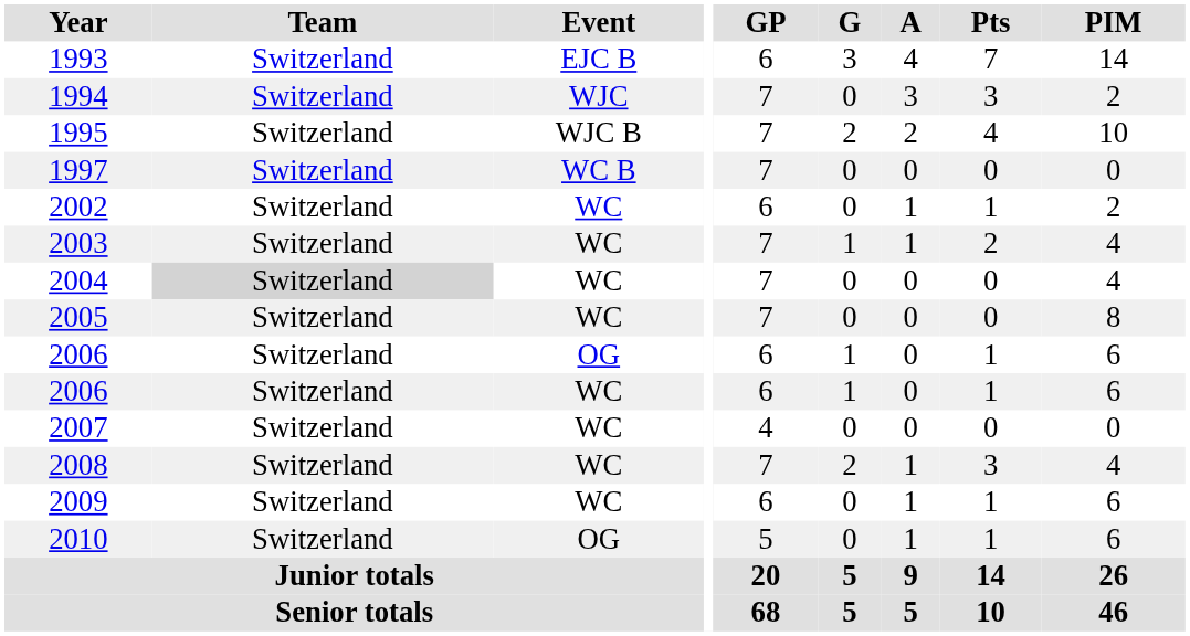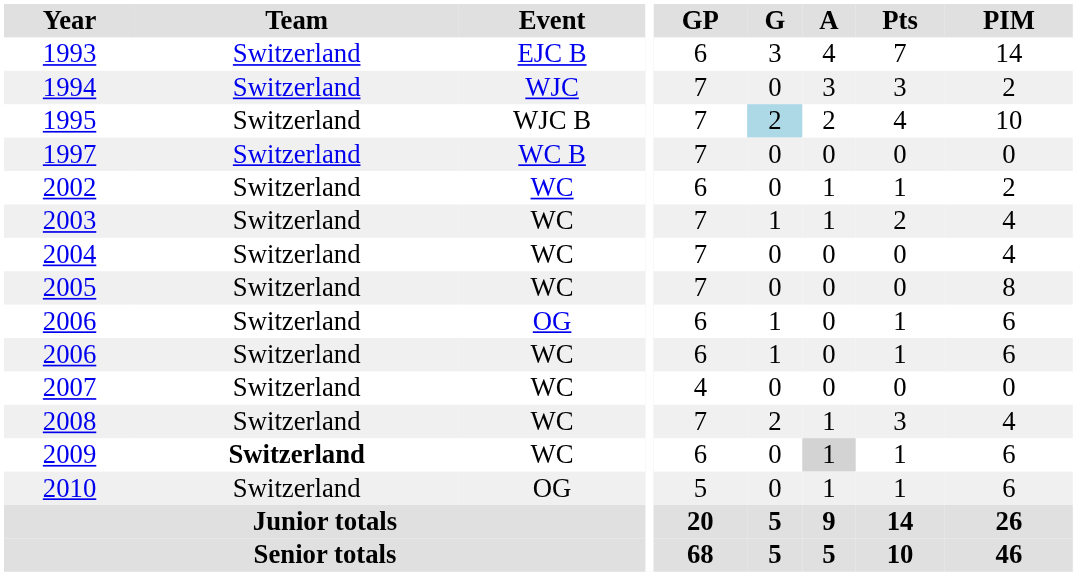 <table border="0" cellpadding="1" cellspacing="0" ID="Table3" style="text-align:center; width:40em">
 <tr ALIGN="center" bgcolor="#e0e0e0">
 <th>Year</th>
 <th>Team</th>
 <th>Event</th>
 <th rowspan="99" bgcolor="#ffffff"></th>
 <th>GP</th>
 <th>G</th>
 <th>A</th>
 <th>Pts</th>
 <th>PIM</th>
 </tr>
 <tr>
 <td><a href='#'>1993</a></td>
 <td><a href='#'>Switzerland</a></td>
 <td><a href='#'>EJC B</a></td>
 <td>6</td>
 <td>3</td>
 <td>4</td>
 <td>7</td>
 <td>14</td>
 </tr>
 <tr bgcolor="#f0f0f0">
 <td><a href='#'>1994</a></td>
 <td><a href='#'>Switzerland</a></td>
 <td><a href='#'>WJC</a></td>
 <td>7</td>
 <td>0</td>
 <td>3</td>
 <td>3</td>
 <td>2</td>
 </tr>
 <tr>
 <td><a href='#'>1995</a></td>
 <td>Switzerland</td>
 <td>WJC B</td>
 <td>7</td>
-<td>2</td>
+<td style="background: lightblue;">2</td>
 <td>2</td>
 <td>4</td>
 <td>10</td>
 </tr>
 <tr bgcolor="#f0f0f0">
 <td><a href='#'>1997</a></td>
 <td><a href='#'>Switzerland</a></td>
 <td><a href='#'>WC B</a></td>
 <td>7</td>
 <td>0</td>
 <td>0</td>
 <td>0</td>
 <td>0</td>
 </tr>
 <tr>
 <td><a href='#'>2002</a></td>
 <td>Switzerland</td>
 <td><a href='#'>WC</a></td>
 <td>6</td>
 <td>0</td>
 <td>1</td>
 <td>1</td>
 <td>2</td>
 </tr>
 <tr bgcolor="#f0f0f0">
 <td><a href='#'>2003</a></td>
 <td>Switzerland</td>
 <td>WC</td>
 <td>7</td>
 <td>1</td>
 <td>1</td>
 <td>2</td>
 <td>4</td>
 </tr>
 <tr>
 <td><a href='#'>2004</a></td>
-<td style="background: lightgrey;">Switzerland</td>
+<td>Switzerland</td>
 <td>WC</td>
 <td>7</td>
 <td>0</td>
 <td>0</td>
 <td>0</td>
 <td>4</td>
 </tr>
 <tr bgcolor="#f0f0f0">
 <td><a href='#'>2005</a></td>
 <td>Switzerland</td>
 <td>WC</td>
 <td>7</td>
 <td>0</td>
 <td>0</td>
 <td>0</td>
 <td>8</td>
 </tr>
 <tr>
 <td><a href='#'>2006</a></td>
 <td>Switzerland</td>
 <td><a href='#'>OG</a></td>
 <td>6</td>
 <td>1</td>
 <td>0</td>
 <td>1</td>
 <td>6</td>
 </tr>
 <tr bgcolor="#f0f0f0">
 <td><a href='#'>2006</a></td>
 <td>Switzerland</td>
 <td>WC</td>
 <td>6</td>
 <td>1</td>
 <td>0</td>
 <td>1</td>
 <td>6</td>
 </tr>
 <tr>
 <td><a href='#'>2007</a></td>
 <td>Switzerland</td>
 <td>WC</td>
 <td>4</td>
 <td>0</td>
 <td>0</td>
 <td>0</td>
 <td>0</td>
 </tr>
 <tr bgcolor="#f0f0f0">
 <td><a href='#'>2008</a></td>
 <td>Switzerland</td>
 <td>WC</td>
 <td>7</td>
 <td>2</td>
 <td>1</td>
 <td>3</td>
 <td>4</td>
 </tr>
 <tr>
 <td><a href='#'>2009</a></td>
-<td>Switzerland</td>
+<td><strong>Switzerland</strong></td>
 <td>WC</td>
 <td>6</td>
 <td>0</td>
-<td>1</td>
+<td style="background: lightgrey;">1</td>
 <td>1</td>
 <td>6</td>
 </tr>
 <tr bgcolor="#f0f0f0">
 <td><a href='#'>2010</a></td>
 <td>Switzerland</td>
 <td>OG</td>
 <td>5</td>
 <td>0</td>
 <td>1</td>
 <td>1</td>
 <td>6</td>
 </tr>
 <tr bgcolor="#e0e0e0">
 <th colspan="3">Junior totals</th>
 <th>20</th>
 <th>5</th>
 <th>9</th>
 <th>14</th>
 <th>26</th>
 </tr>
 <tr bgcolor="#e0e0e0">
 <th colspan="3">Senior totals</th>
 <th>68</th>
 <th>5</th>
 <th>5</th>
 <th>10</th>
 <th>46</th>
 </tr>
 </table>
